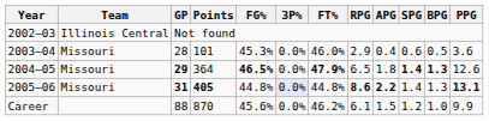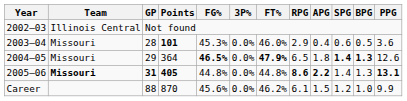 <table class="wikitable">
 <tr>
 <th>Year</th>
 <th>Team</th>
 <th>GP</th>
 <th>Points</th>
 <th>FG%</th>
 <th>3P%</th>
 <th>FT%</th>
 <th>RPG</th>
 <th>APG</th>
 <th>SPG</th>
 <th>BPG</th>
 <th>PPG</th>
 </tr>
 <tr>
 <td>2002–03</td>
 <td>Illinois Central</td>
 <td colspan="10">Not found</td>
 </tr>
 <tr>
 <td>2003–04</td>
 <td>Missouri</td>
 <td>28</td>
-<td>101</td>
+<td><strong>101</strong></td>
 <td>45.3%</td>
 <td>0.0%</td>
 <td>46.0%</td>
 <td>2.9</td>
 <td>0.4</td>
 <td>0.6</td>
 <td>0.5</td>
 <td>3.6</td>
 </tr>
 <tr>
 <td>2004–05</td>
 <td>Missouri</td>
-<td><strong>29</strong></td>
+<td>29</td>
 <td>364</td>
 <td><strong>46.5%</strong></td>
 <td>0.0%</td>
 <td><strong>47.9%</strong></td>
 <td>6.5</td>
 <td>1.8</td>
 <td><strong>1.4</strong></td>
 <td><strong>1.3</strong></td>
 <td>12.6</td>
 </tr>
 <tr>
 <td>2005–06</td>
-<td>Missouri</td>
+<td><strong>Missouri</strong></td>
 <td><strong>31</strong></td>
 <td><strong>405</strong></td>
 <td>44.8%</td>
-<td style="background: lavender;">0.0%</td>
+<td>0.0%</td>
 <td>44.8%</td>
 <td><strong>8.6</strong></td>
 <td><strong>2.2</strong></td>
 <td>1.4</td>
 <td>1.3</td>
 <td><strong>13.1</strong></td>
 </tr>
 <tr>
 <td>Career</td>
 <td></td>
 <td>88</td>
 <td>870</td>
 <td>45.6%</td>
 <td>0.0%</td>
 <td>46.2%</td>
 <td>6.1</td>
 <td>1.5</td>
 <td>1.2</td>
 <td>1.0</td>
 <td>9.9</td>
 </tr>
 </table>
